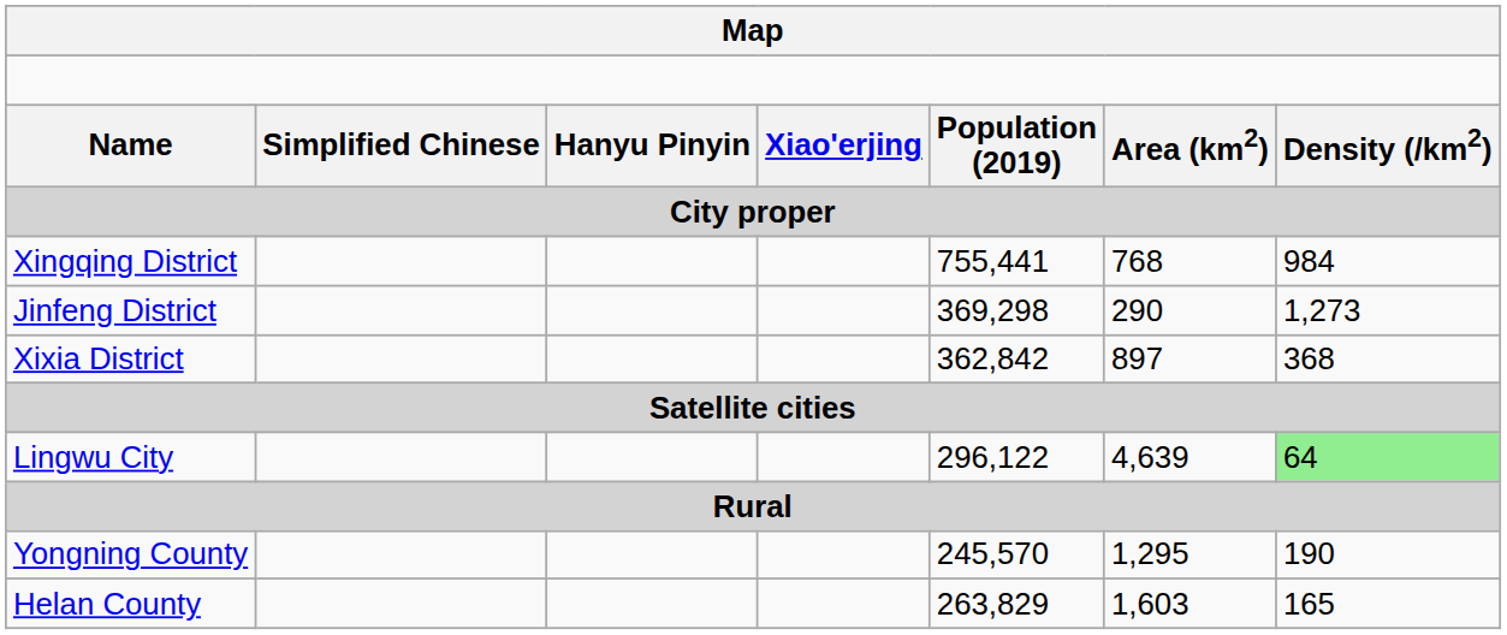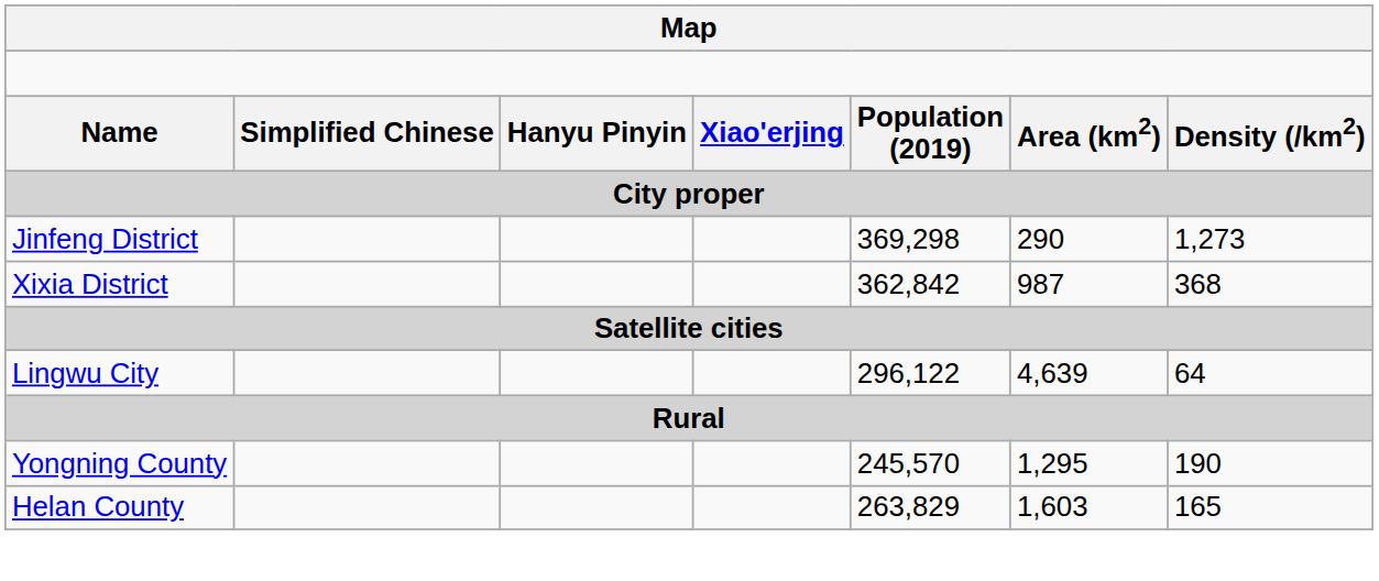 <table class="wikitable" style="font-size:90%;" align="center">
 <tr>
 <th colspan="7">Map</th>
 </tr>
 <tr>
 <td colspan="7"><div><br>        </div></td>
 </tr>
 <tr>
 <th>Name</th>
 <th>Simplified Chinese</th>
 <th>Hanyu Pinyin</th>
 <th><a href='#'>Xiao'erjing</a></th>
 <th>Population<br>(2019)</th>
 <th>Area (km<sup>2</sup>)</th>
 <th>Density (/km<sup>2</sup>)</th>
 </tr>
 <tr>
 <td colspan="7" align="center" bgcolor="#D3D3D3"><strong>City proper</strong></td>
 </tr>
 <tr>
-<td><a href='#'>Xingqing District</a></td>
-<td></td>
-<td></td>
-<td></td>
-<td>755,441</td>
-<td>768</td>
-<td>984</td>
-</tr>
-<tr>
 <td><a href='#'>Jinfeng District</a></td>
 <td></td>
 <td></td>
 <td></td>
 <td>369,298</td>
 <td>290</td>
 <td>1,273</td>
 </tr>
 <tr>
 <td><a href='#'>Xixia District</a></td>
 <td></td>
 <td></td>
 <td></td>
 <td>362,842</td>
-<td>897</td>
+<td>987</td>
 <td>368</td>
 </tr>
 <tr>
 <td colspan="7" align="center" bgcolor="#D3D3D3"><strong>Satellite cities</strong></td>
 </tr>
 <tr>
 <td><a href='#'>Lingwu City</a></td>
 <td></td>
 <td></td>
 <td></td>
 <td>296,122</td>
 <td>4,639</td>
-<td style="background: lightgreen;">64</td>
+<td>64</td>
 </tr>
 <tr>
 <td colspan="7" align="center" bgcolor="#D3D3D3"><strong>Rural</strong></td>
 </tr>
 <tr>
 <td><a href='#'>Yongning County</a></td>
 <td></td>
 <td></td>
 <td></td>
 <td>245,570</td>
 <td>1,295</td>
 <td>190</td>
 </tr>
 <tr>
 <td><a href='#'>Helan County</a></td>
 <td></td>
 <td></td>
 <td></td>
 <td>263,829</td>
 <td>1,603</td>
 <td>165</td>
 </tr>
 </table>
